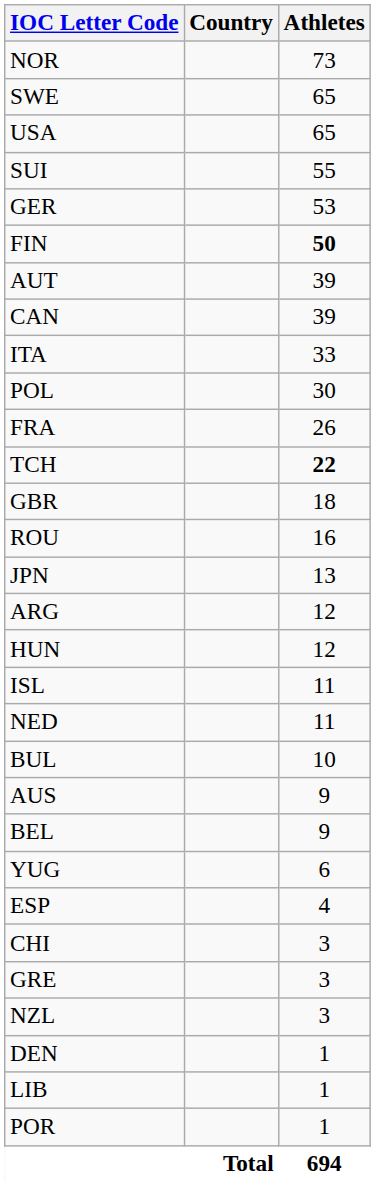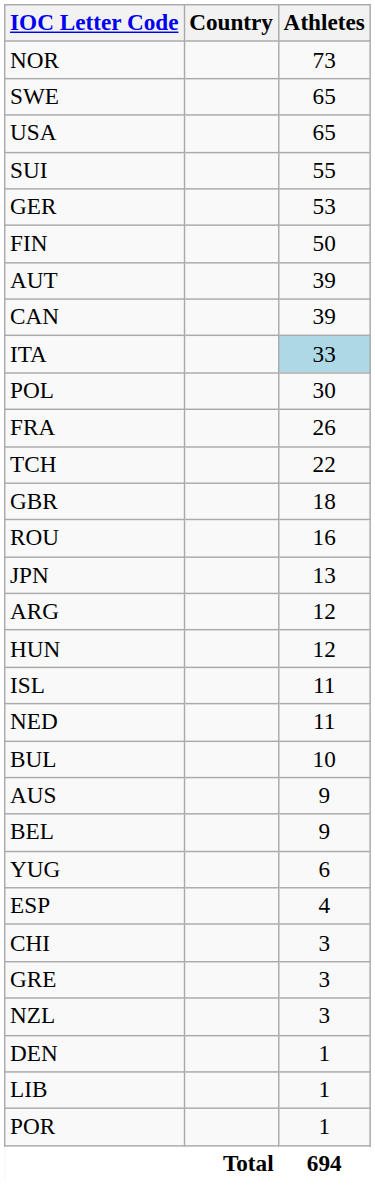 <table class="wikitable collapsible collapsed sortable" style="border:0;">
 <tr>
 <th><a href='#'>IOC Letter Code</a></th>
 <th>Country</th>
 <th>Athletes</th>
 </tr>
 <tr>
 <td>NOR</td>
 <td></td>
 <td align=center>73</td>
 </tr>
 <tr>
 <td>SWE</td>
 <td></td>
 <td align=center>65</td>
 </tr>
 <tr>
 <td>USA</td>
 <td></td>
 <td align=center>65</td>
 </tr>
 <tr>
 <td>SUI</td>
 <td></td>
 <td align=center>55</td>
 </tr>
 <tr>
 <td>GER</td>
 <td></td>
 <td align=center>53</td>
 </tr>
 <tr>
 <td>FIN</td>
 <td></td>
-<td align=center><strong>50</strong></td>
+<td align=center>50</td>
 </tr>
 <tr>
 <td>AUT</td>
 <td></td>
 <td align=center>39</td>
 </tr>
 <tr>
 <td>CAN</td>
 <td></td>
 <td align=center>39</td>
 </tr>
 <tr>
 <td>ITA</td>
 <td></td>
-<td align=center>33</td>
+<td align=center style="background: lightblue;">33</td>
 </tr>
 <tr>
 <td>POL</td>
 <td></td>
 <td align=center>30</td>
 </tr>
 <tr>
 <td>FRA</td>
 <td></td>
 <td align=center>26</td>
 </tr>
 <tr>
 <td>TCH</td>
 <td></td>
-<td align=center><strong>22</strong></td>
+<td align=center>22</td>
 </tr>
 <tr>
 <td>GBR</td>
 <td></td>
 <td align=center>18</td>
 </tr>
 <tr>
 <td>ROU</td>
 <td></td>
 <td align=center>16</td>
 </tr>
 <tr>
 <td>JPN</td>
 <td></td>
 <td align=center>13</td>
 </tr>
 <tr>
 <td>ARG</td>
 <td></td>
 <td align=center>12</td>
 </tr>
 <tr>
 <td>HUN</td>
 <td></td>
 <td align=center>12</td>
 </tr>
 <tr>
 <td>ISL</td>
 <td></td>
 <td align=center>11</td>
 </tr>
 <tr>
 <td>NED</td>
 <td></td>
 <td align=center>11</td>
 </tr>
 <tr>
 <td>BUL</td>
 <td></td>
 <td align=center>10</td>
 </tr>
 <tr>
 <td>AUS</td>
 <td></td>
 <td align=center>9</td>
 </tr>
 <tr>
 <td>BEL</td>
 <td></td>
 <td align=center>9</td>
 </tr>
 <tr>
 <td>YUG</td>
 <td></td>
 <td align=center>6</td>
 </tr>
 <tr>
 <td>ESP</td>
 <td></td>
 <td align=center>4</td>
 </tr>
 <tr>
 <td>CHI</td>
 <td></td>
 <td align=center>3</td>
 </tr>
 <tr>
 <td>GRE</td>
 <td></td>
 <td align=center>3</td>
 </tr>
 <tr>
 <td>NZL</td>
 <td></td>
 <td align=center>3</td>
 </tr>
 <tr>
 <td>DEN</td>
 <td></td>
 <td align=center>1</td>
 </tr>
 <tr>
 <td>LIB</td>
 <td></td>
 <td align=center>1</td>
 </tr>
 <tr>
 <td>POR</td>
 <td></td>
 <td align=center>1</td>
 </tr>
 <tr class="sortbottom">
 <td colspan=2; style="text-align:right; border:0px; background:#fff;"><strong>Total</strong></td>
 <td style="text-align:center; border:0px; background:#fff;"><strong>694</strong></td>
 </tr>
 <tr>
 </tr>
 </table>
